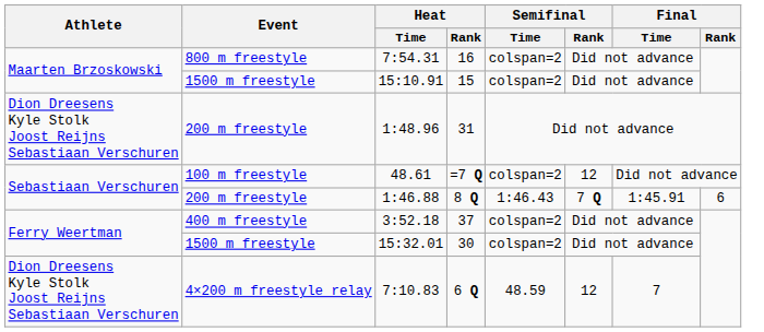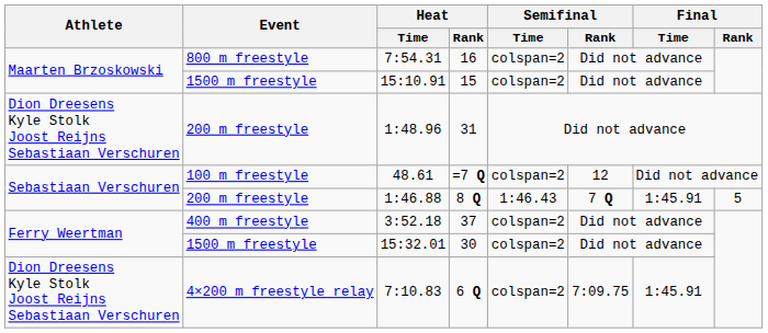 <table class=wikitable style="font-size:90%">
 <tr>
 <th rowspan="2">Athlete</th>
 <th rowspan="2">Event</th>
 <th colspan="2">Heat</th>
 <th colspan="2">Semifinal</th>
 <th colspan="2">Final</th>
 </tr>
 <tr style="font-size:95%">
 <th>Time</th>
 <th>Rank</th>
 <th>Time</th>
 <th>Rank</th>
 <th>Time</th>
 <th>Rank</th>
 </tr>
 <tr align=center>
 <td align=left rowspan=2><a href='#'>Maarten Brzoskowski</a></td>
 <td align=left><a href='#'>800 m freestyle</a></td>
 <td>7:54.31</td>
 <td>16</td>
 <td>colspan=2 </td>
 <td colspan=2>Did not advance</td>
 </tr>
 <tr align=center>
 <td align=left><a href='#'>1500 m freestyle</a></td>
 <td>15:10.91</td>
 <td>15</td>
 <td>colspan=2 </td>
 <td colspan=2>Did not advance</td>
 </tr>
 <tr align=center>
 <td align=left><a href='#'>Dion Dreesens</a><br>Kyle Stolk<br><a href='#'>Joost Reijns</a><br><a href='#'>Sebastiaan Verschuren</a></td>
 <td align=left><a href='#'>200 m freestyle</a></td>
 <td>1:48.96</td>
 <td>31</td>
 <td colspan=4>Did not advance</td>
 </tr>
 <tr align=center>
 <td align=left rowspan=2><a href='#'>Sebastiaan Verschuren</a></td>
 <td align=left><a href='#'>100 m freestyle</a></td>
 <td>48.61</td>
 <td>=7 <strong>Q</strong></td>
 <td>colspan=2 </td>
 <td>12</td>
 <td colspan=2>Did not advance</td>
 </tr>
 <tr align=center>
 <td align=left><a href='#'>200 m freestyle</a></td>
 <td>1:46.88</td>
 <td>8 <strong>Q</strong></td>
 <td>1:46.43</td>
 <td>7 <strong>Q</strong></td>
 <td>1:45.91</td>
-<td>6</td>
+<td>5</td>
 </tr>
 <tr align=center>
 <td align=left rowspan=2><a href='#'>Ferry Weertman</a></td>
 <td align=left><a href='#'>400 m freestyle</a></td>
 <td>3:52.18</td>
 <td>37</td>
 <td>colspan=2 </td>
 <td colspan=2>Did not advance</td>
 </tr>
 <tr align=center>
 <td align=left><a href='#'>1500 m freestyle</a></td>
 <td>15:32.01</td>
 <td>30</td>
 <td>colspan=2 </td>
 <td colspan=2>Did not advance</td>
 </tr>
 <tr align=center>
 <td align=left><a href='#'>Dion Dreesens</a><br>Kyle Stolk<br><a href='#'>Joost Reijns</a><br><a href='#'>Sebastiaan Verschuren</a></td>
 <td align=left><a href='#'>4×200 m freestyle relay</a></td>
 <td>7:10.83</td>
 <td>6 <strong>Q</strong></td>
-<td>48.59</td>
-<td>12</td>
-<td>7</td>
+<td>colspan=2 </td>
+<td>7:09.75</td>
+<td>1:45.91</td>
 </tr>
 </table>
